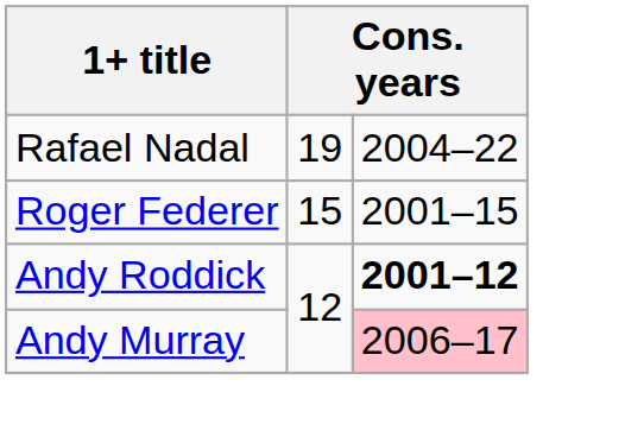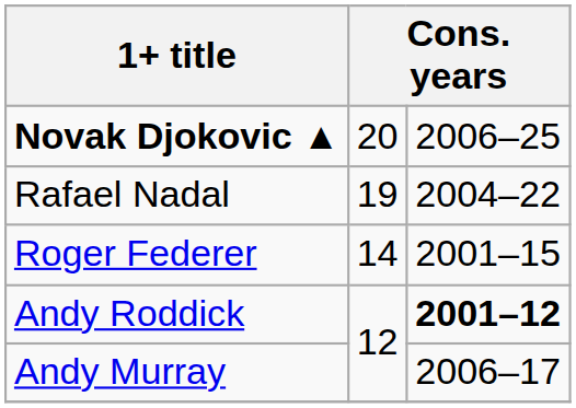 <table class="wikitable" style="display: inline-table;">
 <tr>
 <th>1+ title</th>
 <th colspan="2" width="20">Cons. years</th>
+</tr>
+<tr>
+<td> <strong>Novak Djokovic</strong> ▲</td>
+<td>20</td>
+<td>2006–25</td>
 </tr>
 <tr>
 <td> Rafael Nadal</td>
 <td>19</td>
 <td>2004–22</td>
 </tr>
 <tr>
 <td> <a href='#'>Roger Federer</a></td>
-<td>15</td>
+<td>14</td>
 <td>2001–15</td>
 </tr>
 <tr>
 <td> <a href='#'>Andy Roddick</a></td>
 <td rowspan="2">12</td>
 <td><strong>2001–12</strong></td>
 </tr>
 <tr>
 <td> <a href='#'>Andy Murray</a></td>
-<td style="background: pink;">2006–17</td>
+<td>2006–17</td>
 </tr>
 <tr>
 </tr>
 </table>
